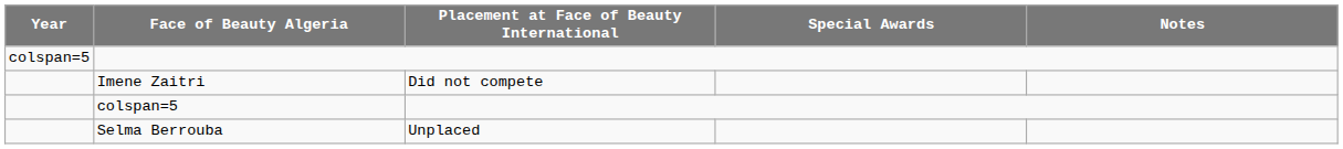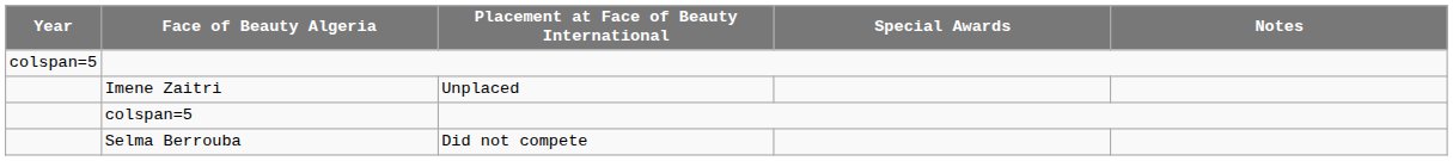 <table class="wikitable " style="font-size: 95%;">
 <tr>
 <th width="60" style="background-color:#787878;color:#FFFFFF;">Year</th>
 <th width="250" style="background-color:#787878;color:#FFFFFF;">Face of Beauty Algeria</th>
 <th width="250" style="background-color:#787878;color:#FFFFFF;">Placement at Face of Beauty International</th>
 <th width="250" style="background-color:#787878;color:#FFFFFF;">Special Awards</th>
 <th width="250" style="background-color:#787878;color:#FFFFFF;">Notes</th>
 </tr>
 <tr>
 <td>colspan=5 </td>
 </tr>
 <tr>
 <td></td>
 <td>Imene Zaitri</td>
-<td>Did not compete</td>
+<td>Unplaced</td>
 <td></td>
 <td></td>
 </tr>
 <tr>
 <td></td>
 <td>colspan=5 </td>
 </tr>
 <tr>
 <td></td>
 <td>Selma Berrouba</td>
-<td>Unplaced</td>
+<td>Did not compete</td>
 <td></td>
 <td></td>
 </tr>
 </table>
